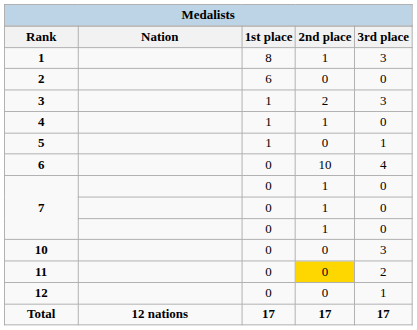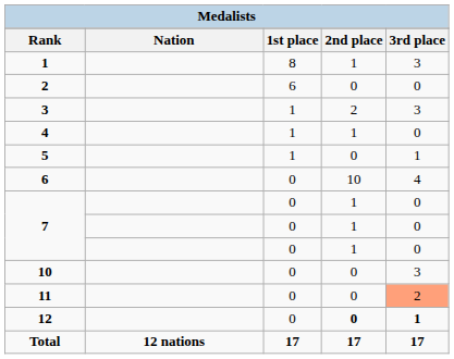 <table class="wikitable" style="text-align:center; font-size:90%"">
 <tr>
 <td colspan="6" style="background:#BCD4E6"><strong>Medalists</strong></td>
 </tr>
 <tr>
 </tr>
 <tr style="background-color:#EDEDED;">
 <th width="75px" class="hintergrundfarbe5">Rank</th>
 <th width="175px" class="hintergrundfarbe6">Nation</th>
 <th>1st place</th>
 <th>2nd place</th>
 <th>3rd place</th>
 </tr>
 <tr>
 <td><strong>1</strong></td>
 <td align=left></td>
 <td>8</td>
 <td>1</td>
 <td>3</td>
 </tr>
 <tr>
 <td><strong>2</strong></td>
 <td align=left></td>
 <td>6</td>
 <td>0</td>
 <td>0</td>
 </tr>
 <tr>
 <td><strong>3</strong></td>
 <td align=left></td>
 <td>1</td>
 <td>2</td>
 <td>3</td>
 </tr>
 <tr>
 <td><strong>4</strong></td>
 <td align=left></td>
 <td>1</td>
 <td>1</td>
 <td>0</td>
 </tr>
 <tr>
 <td><strong>5</strong></td>
 <td align=left></td>
 <td>1</td>
 <td>0</td>
 <td>1</td>
 </tr>
 <tr>
 <td><strong>6</strong></td>
 <td align=left></td>
 <td>0</td>
 <td>10</td>
 <td>4</td>
 </tr>
 <tr>
 <td rowspan="3"><strong>7</strong></td>
 <td align=left></td>
 <td>0</td>
 <td>1</td>
 <td>0</td>
 </tr>
 <tr>
 <td align=left></td>
 <td>0</td>
 <td>1</td>
 <td>0</td>
 </tr>
 <tr>
 <td align=left></td>
 <td>0</td>
 <td>1</td>
 <td>0</td>
 </tr>
 <tr>
 <td><strong>10</strong></td>
 <td align=left></td>
 <td>0</td>
 <td>0</td>
 <td>3</td>
 </tr>
 <tr>
 <td><strong>11</strong></td>
 <td align=left></td>
 <td>0</td>
-<td style="background: gold;">0</td>
-<td>2</td>
+<td>0</td>
+<td style="background: lightsalmon;">2</td>
 </tr>
 <tr>
 <td><strong>12</strong></td>
 <td align=left></td>
 <td>0</td>
-<td>0</td>
-<td>1</td>
+<td><strong>0</strong></td>
+<td><strong>1</strong></td>
 </tr>
 <tr>
 <td><strong>Total</strong></td>
 <td><strong>12 nations</strong></td>
 <td><strong>17</strong></td>
 <td><strong>17</strong></td>
 <td><strong>17</strong></td>
 </tr>
 </table>
